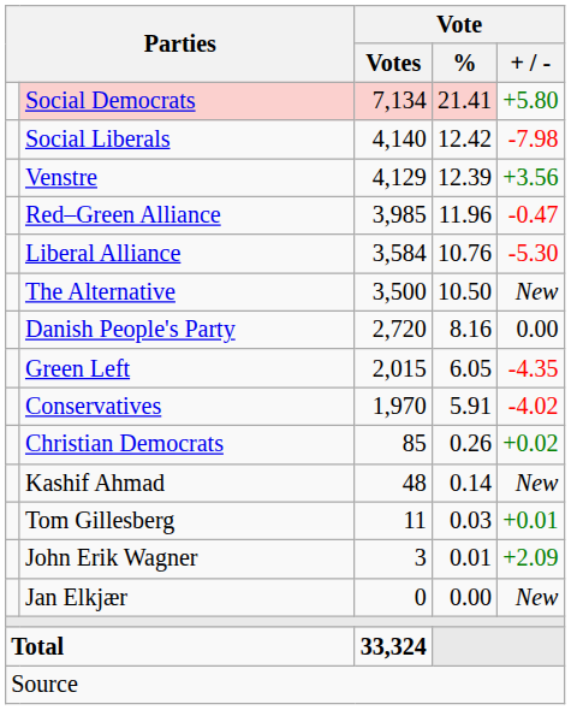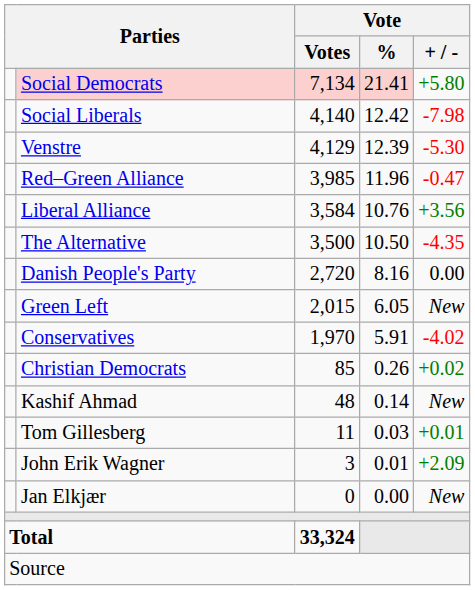 <table class="wikitable" style="text-align:right;">
 <tr>
 <th style="text-align:centre;" rowspan="2" colspan="2" width="225">Parties</th>
 <th colspan="3">Vote</th>
 </tr>
 <tr>
 <th width="15">Votes</th>
 <th width="15">%</th>
 <th width="15">+ / -</th>
 </tr>
 <tr>
 <td width="2" style="color:inherit;background:"></td>
 <td bgcolor=#fbd0ce  align="left"><a href='#'>Social Democrats</a></td>
 <td bgcolor=#fbd0ce>7,134</td>
 <td bgcolor=#fbd0ce>21.41</td>
 <td style=color:green;>+5.80</td>
 </tr>
 <tr>
 <td width="2" style="color:inherit;background:"></td>
 <td align="left"><a href='#'>Social Liberals</a></td>
 <td>4,140</td>
 <td>12.42</td>
 <td style=color:red;>-7.98</td>
 </tr>
 <tr>
 <td width="2" style="color:inherit;background:"></td>
 <td align="left"><a href='#'>Venstre</a></td>
 <td>4,129</td>
 <td>12.39</td>
-<td style=color:green;>+3.56</td>
+<td style=color:red;>-5.30</td>
 </tr>
 <tr>
 <td width="2" style="color:inherit;background:"></td>
 <td align="left"><a href='#'>Red–Green Alliance</a></td>
 <td>3,985</td>
 <td>11.96</td>
 <td style=color:red;>-0.47</td>
 </tr>
 <tr>
 <td width="2" style="color:inherit;background:"></td>
 <td align="left"><a href='#'>Liberal Alliance</a></td>
 <td>3,584</td>
 <td>10.76</td>
-<td style=color:red;>-5.30</td>
+<td style=color:green;>+3.56</td>
 </tr>
 <tr>
 <td width="2" style="color:inherit;background:"></td>
 <td align="left"><a href='#'>The Alternative</a></td>
 <td>3,500</td>
 <td>10.50</td>
-<td><em>New</em></td>
+<td style=color:red;>-4.35</td>
 </tr>
 <tr>
 <td width="2" style="color:inherit;background:"></td>
 <td align="left"><a href='#'>Danish People's Party</a></td>
 <td>2,720</td>
 <td>8.16</td>
 <td>0.00</td>
 </tr>
 <tr>
 <td width="2" style="color:inherit;background:"></td>
 <td align="left"><a href='#'>Green Left</a></td>
 <td>2,015</td>
 <td>6.05</td>
-<td style=color:red;>-4.35</td>
+<td><em>New</em></td>
 </tr>
 <tr>
 <td width="2" style="color:inherit;background:"></td>
 <td align="left"><a href='#'>Conservatives</a></td>
 <td>1,970</td>
 <td>5.91</td>
 <td style=color:red;>-4.02</td>
 </tr>
 <tr>
 <td width="2" style="color:inherit;background:"></td>
 <td align="left"><a href='#'>Christian Democrats</a></td>
 <td>85</td>
 <td>0.26</td>
 <td style=color:green;>+0.02</td>
 </tr>
 <tr>
 <td width="2" style="color:inherit;background:"></td>
 <td align="left">Kashif Ahmad</td>
 <td>48</td>
 <td>0.14</td>
 <td><em>New</em></td>
 </tr>
 <tr>
 <td width="2" style="color:inherit;background:"></td>
 <td align="left">Tom Gillesberg</td>
 <td>11</td>
 <td>0.03</td>
 <td style=color:green;>+0.01</td>
 </tr>
 <tr>
 <td width="2" style="color:inherit;background:"></td>
 <td align="left">John Erik Wagner</td>
 <td>3</td>
 <td>0.01</td>
 <td style=color:green;>+2.09</td>
 </tr>
 <tr>
 <td width="2" style="color:inherit;background:"></td>
 <td align="left">Jan Elkjær</td>
 <td>0</td>
 <td>0.00</td>
 <td><em>New</em></td>
 </tr>
 <tr>
 <td colspan="7" bgcolor="#E9E9E9"></td>
 </tr>
 <tr>
 <td align="left" colspan="2"><strong>Total</strong></td>
 <td><strong>33,324</strong></td>
 <td bgcolor="#E9E9E9" colspan="2"></td>
 </tr>
 <tr>
 <td align="left" colspan="6">Source</td>
 </tr>
 </table>
